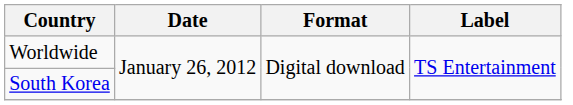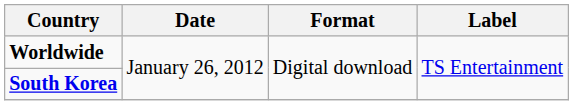 <table class="wikitable">
 <tr>
 <th>Country</th>
 <th>Date</th>
 <th>Format</th>
 <th>Label</th>
 </tr>
 <tr>
-<td rowspan="1">Worldwide</td>
+<td rowspan="1"><strong>Worldwide</strong></td>
 <td rowspan="2">January 26, 2012</td>
 <td rowspan="2">Digital download</td>
 <td rowspan="2"><a href='#'>TS Entertainment</a></td>
 </tr>
 <tr>
-<td rowspan="1"><a href='#'>South Korea</a></td>
+<td rowspan="1"><strong><a href='#'>South Korea</a></strong></td>
 </tr>
 <tr>
 </tr>
 </table>
